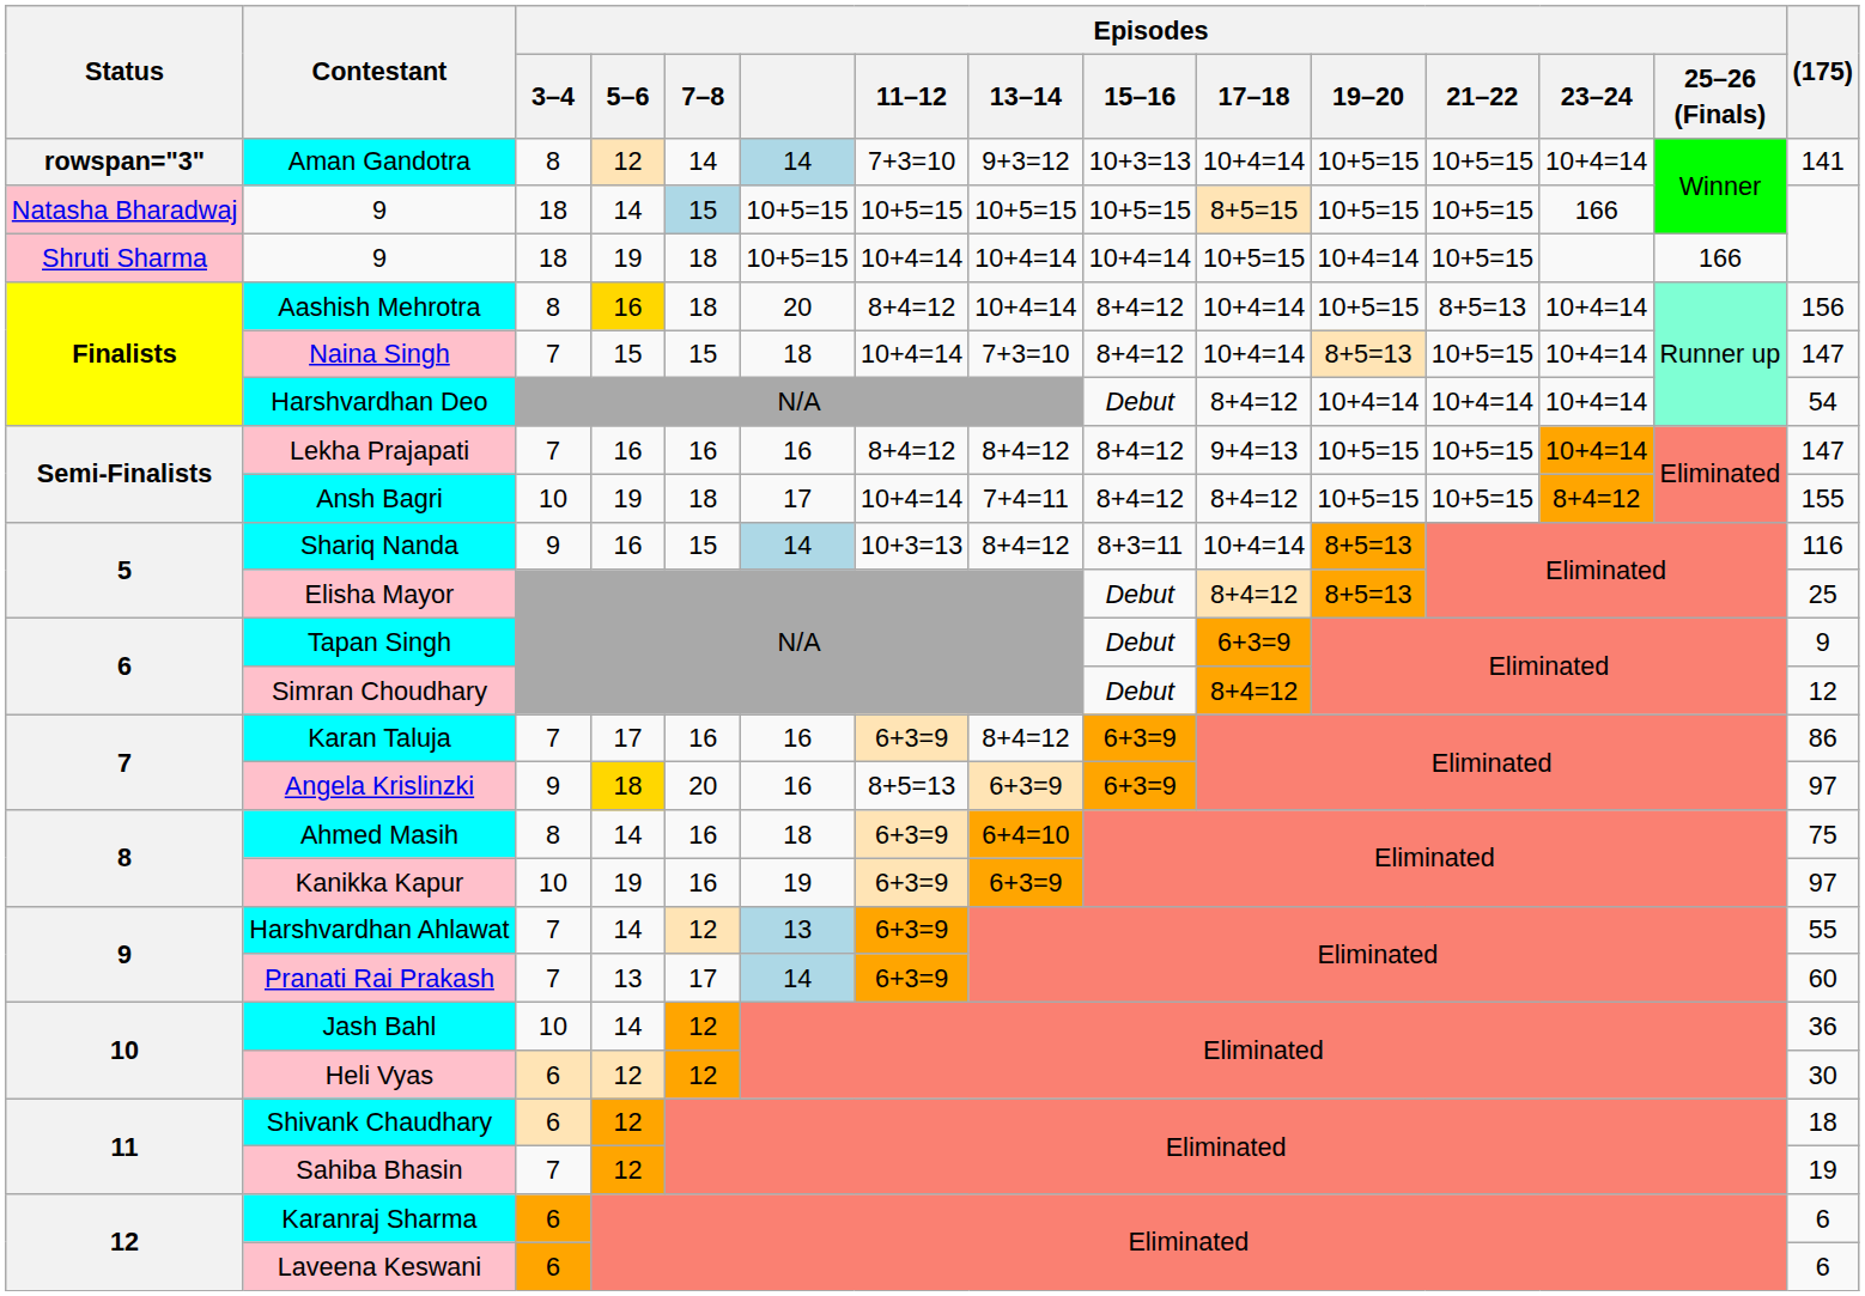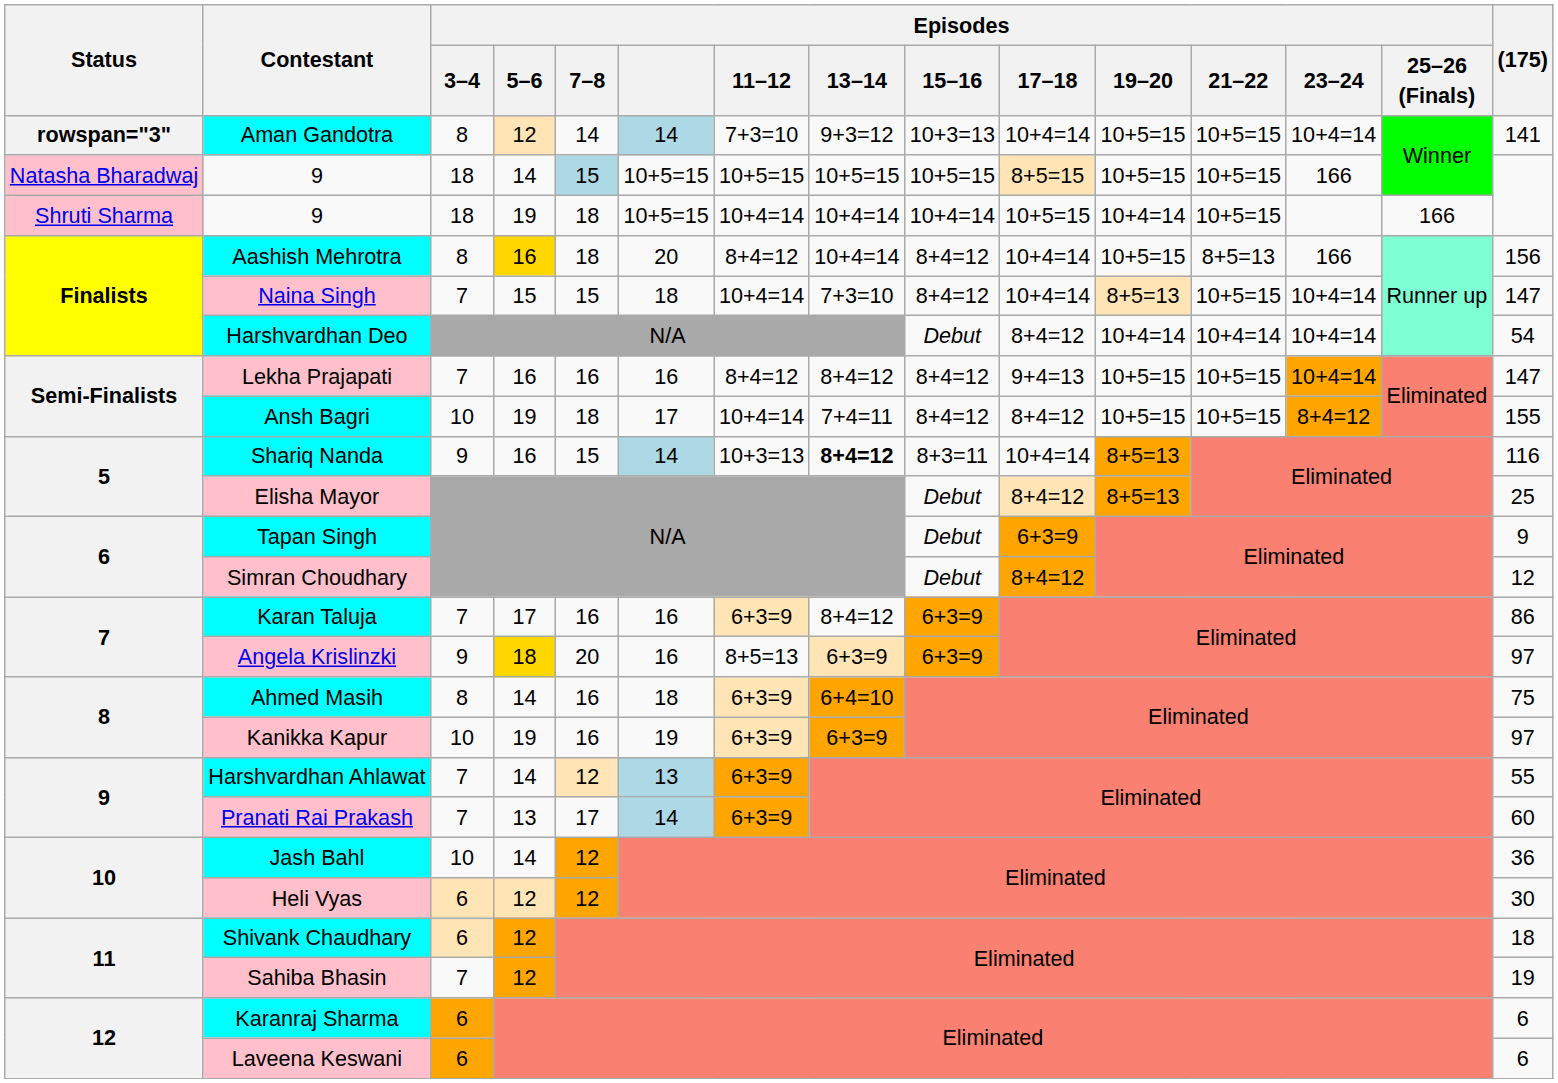 <table class="wikitable sortable" style="text-align: center; font-size:90%; line-height:20px;">
 <tr>
 <th rowspan="2">Status</th>
 <th rowspan="2">Contestant</th>
 <th colspan="12">Episodes</th>
 <th rowspan="2"> (175)</th>
 </tr>
 <tr>
 <th width="35">3–4</th>
 <th width="35">5–6</th>
 <th width="35">7–8</th>
 <th width="35"></th>
 <th width="35">11–12</th>
 <th width="35">13–14</th>
 <th width="35">15–16</th>
 <th width="35">17–18</th>
 <th width="35">19–20</th>
 <th width="35">21–22</th>
 <th width="35">23–24</th>
 <th>25–26<br>(Finals)</th>
 </tr>
 <tr>
 <th>rowspan="3"  </th>
 <td style="background:cyan;">Aman Gandotra</td>
 <td>8</td>
 <td style="background:moccasin">12</td>
 <td>14</td>
 <td style="background:lightblue;">14</td>
 <td>7+3=10</td>
 <td>9+3=12</td>
 <td>10+3=13</td>
 <td>10+4=14</td>
 <td>10+5=15</td>
 <td>10+5=15</td>
 <td>10+4=14</td>
 <td rowspan="2" bgcolor="lime">Winner</td>
 <td>141</td>
 </tr>
 <tr>
 <td style="background:pink;"><a href='#'>Natasha Bharadwaj</a></td>
 <td>9</td>
 <td>18</td>
 <td>14</td>
 <td style="background:lightblue;">15</td>
 <td>10+5=15</td>
 <td>10+5=15</td>
 <td>10+5=15</td>
 <td>10+5=15</td>
 <td style="background:moccasin">8+5=15</td>
 <td>10+5=15</td>
 <td>10+5=15</td>
 <td>166</td>
 </tr>
 <tr>
 <td style="background:pink;"><a href='#'>Shruti Sharma</a></td>
 <td>9</td>
 <td>18</td>
 <td>19</td>
 <td>18</td>
 <td>10+5=15</td>
 <td>10+4=14</td>
 <td>10+4=14</td>
 <td>10+4=14</td>
 <td>10+5=15</td>
 <td>10+4=14</td>
 <td>10+5=15</td>
 <td></td>
 <td>166</td>
 </tr>
 <tr>
 <th rowspan="3" style="background:yellow;">Finalists</th>
 <td style="background:cyan;">Aashish Mehrotra</td>
 <td>8</td>
 <td style="background:gold;">16</td>
 <td>18</td>
 <td>20</td>
 <td>8+4=12</td>
 <td>10+4=14</td>
 <td>8+4=12</td>
 <td>10+4=14</td>
 <td>10+5=15</td>
 <td>8+5=13</td>
-<td>10+4=14</td>
+<td>166</td>
 <td rowspan="3" bgcolor="aquamarine">Runner up</td>
 <td>156</td>
 </tr>
 <tr>
 <td style="background:pink;"><a href='#'>Naina Singh</a></td>
 <td>7</td>
 <td>15</td>
 <td>15</td>
 <td>18</td>
 <td>10+4=14</td>
 <td>7+3=10</td>
 <td>8+4=12</td>
 <td>10+4=14</td>
 <td style="background:moccasin">8+5=13</td>
 <td>10+5=15</td>
 <td>10+4=14</td>
 <td>147</td>
 </tr>
 <tr>
 <td style="background:cyan;">Harshvardhan Deo</td>
 <td colspan="6" style="background:darkgray">N/A</td>
 <td><em>Debut</em></td>
 <td>8+4=12</td>
 <td>10+4=14</td>
 <td>10+4=14</td>
 <td>10+4=14</td>
 <td>54</td>
 </tr>
 <tr>
 <th rowspan="2"><strong>Semi-Finalists</strong></th>
 <td style="background:pink;">Lekha Prajapati</td>
 <td>7</td>
 <td>16</td>
 <td>16</td>
 <td>16</td>
 <td>8+4=12</td>
 <td>8+4=12</td>
 <td>8+4=12</td>
 <td>9+4=13</td>
 <td>10+5=15</td>
 <td>10+5=15</td>
 <td style="background:orange">10+4=14</td>
 <td rowspan="2" style="background:#FA8072">Eliminated</td>
 <td>147</td>
 </tr>
 <tr>
 <td style="background:cyan;">Ansh Bagri</td>
 <td>10</td>
 <td>19</td>
 <td>18</td>
 <td>17</td>
 <td>10+4=14</td>
 <td>7+4=11</td>
 <td>8+4=12</td>
 <td>8+4=12</td>
 <td>10+5=15</td>
 <td>10+5=15</td>
 <td style="background:orange">8+4=12</td>
 <td>155</td>
 </tr>
 <tr>
 <th rowspan=2>5</th>
 <td style="background:cyan;">Shariq Nanda</td>
 <td>9</td>
 <td>16</td>
 <td>15</td>
 <td style="background:lightblue;">14</td>
 <td>10+3=13</td>
-<td>8+4=12</td>
+<td><strong>8+4=12</strong></td>
 <td>8+3=11</td>
 <td>10+4=14</td>
 <td style="background:orange">8+5=13</td>
 <td colspan="3" rowspan="2" style="background:#FA8072">Eliminated</td>
 <td>116</td>
 </tr>
 <tr>
 <td style="background:pink;">Elisha Mayor</td>
 <td colspan="6" rowspan="3" style="background:darkgray">N/A</td>
 <td><em>Debut</em></td>
 <td style="background:moccasin">8+4=12</td>
 <td style="background:orange">8+5=13</td>
 <td>25</td>
 </tr>
 <tr>
 <th rowspan=2>6</th>
 <td style="background:cyan;">Tapan Singh</td>
 <td><em>Debut</em></td>
 <td style="background:orange">6+3=9</td>
 <td colspan="4" rowspan="2" style="background:#FA8072">Eliminated</td>
 <td>9</td>
 </tr>
 <tr>
 <td style="background:pink;">Simran Choudhary</td>
 <td><em>Debut</em></td>
 <td style="background:orange">8+4=12</td>
 <td>12</td>
 </tr>
 <tr>
 <th rowspan=2>7</th>
 <td style="background:cyan;">Karan Taluja</td>
 <td>7</td>
 <td>17</td>
 <td>16</td>
 <td>16</td>
 <td style="background:moccasin">6+3=9</td>
 <td>8+4=12</td>
 <td style="background:orange">6+3=9</td>
 <td colspan="5" rowspan="2" style="background:#FA8072">Eliminated</td>
 <td>86</td>
 </tr>
 <tr>
 <td style="background:pink;"><a href='#'>Angela Krislinzki</a></td>
 <td>9</td>
 <td style="background:gold;">18</td>
 <td>20</td>
 <td>16</td>
 <td>8+5=13</td>
 <td style="background:moccasin">6+3=9</td>
 <td style="background:orange">6+3=9</td>
 <td>97</td>
 </tr>
 <tr>
 <th rowspan=2>8</th>
 <td style="background:cyan;">Ahmed Masih</td>
 <td>8</td>
 <td>14</td>
 <td>16</td>
 <td>18</td>
 <td style="background:moccasin">6+3=9</td>
 <td style="background:orange">6+4=10</td>
 <td colspan="6" rowspan="2" style="background:#FA8072">Eliminated</td>
 <td>75</td>
 </tr>
 <tr>
 <td style="background:pink;">Kanikka Kapur</td>
 <td>10</td>
 <td>19</td>
 <td>16</td>
 <td>19</td>
 <td style="background:moccasin">6+3=9</td>
 <td style="background:orange">6+3=9</td>
 <td>97</td>
 </tr>
 <tr>
 <th rowspan=2>9</th>
 <td style="background:cyan;">Harshvardhan Ahlawat</td>
 <td>7</td>
 <td>14</td>
 <td style="background:moccasin">12</td>
 <td style="background:lightblue">13</td>
 <td style="background:orange">6+3=9</td>
 <td colspan="7" rowspan="2" style="background:#FA8072">Eliminated</td>
 <td>55</td>
 </tr>
 <tr>
 <td style="background:pink;"><a href='#'>Pranati Rai Prakash</a></td>
 <td>7</td>
 <td>13</td>
 <td>17</td>
 <td style="background:lightblue;">14</td>
 <td style="background:orange">6+3=9</td>
 <td>60</td>
 </tr>
 <tr>
 <th rowspan=2>10</th>
 <td style="background:cyan;">Jash Bahl</td>
 <td>10</td>
 <td>14</td>
 <td style="background:orange">12</td>
 <td colspan="9" rowspan="2" style="background:#FA8072">Eliminated</td>
 <td>36</td>
 </tr>
 <tr>
 <td style="background:pink;">Heli Vyas</td>
 <td style="background:moccasin">6</td>
 <td style="background:moccasin">12</td>
 <td style="background:orange">12</td>
 <td>30</td>
 </tr>
 <tr>
 <th rowspan=2>11</th>
 <td style="background:cyan;">Shivank Chaudhary</td>
 <td style="background:moccasin">6</td>
 <td style="background:orange">12</td>
 <td colspan="10" rowspan="2" style="background:#FA8072">Eliminated</td>
 <td>18</td>
 </tr>
 <tr>
 <td style="background:pink;">Sahiba Bhasin</td>
 <td>7</td>
 <td style="background:orange">12</td>
 <td>19</td>
 </tr>
 <tr>
 <th rowspan=2>12</th>
 <td style="background:cyan;">Karanraj Sharma</td>
 <td style="background:orange">6</td>
 <td colspan="11" rowspan="2" style="background:#FA8072">Eliminated</td>
 <td>6</td>
 </tr>
 <tr>
 <td style="background:pink;">Laveena Keswani</td>
 <td style="background:orange">6</td>
 <td>6</td>
 </tr>
 </table>
